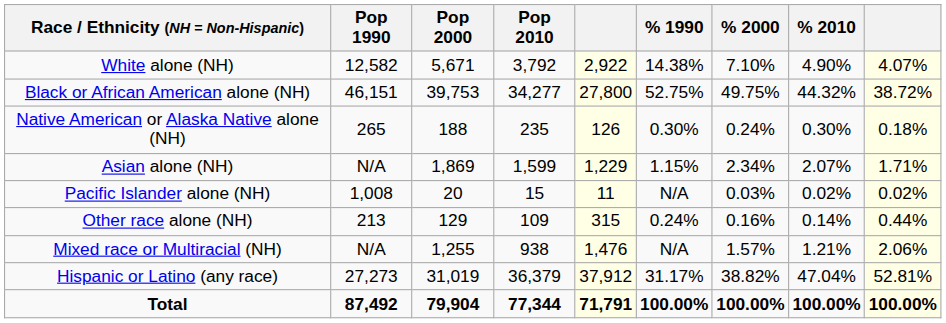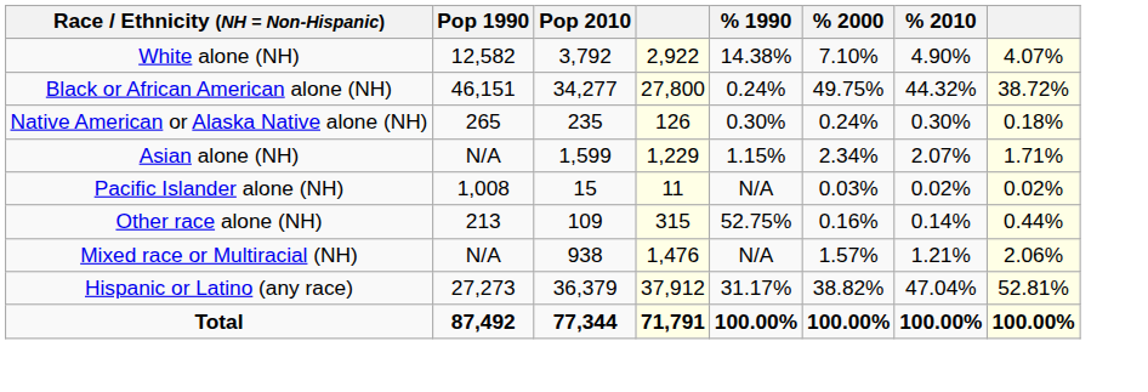 <table class="wikitable" style="text-align:center;">
 <tr>
 <th>Race / Ethnicity <small>(<em>NH = Non-Hispanic</em>)</small></th>
 <th>Pop 1990</th>
-<th>Pop 2000</th>
 <th>Pop 2010</th>
 <th></th>
 <th>% 1990</th>
 <th>% 2000</th>
 <th>% 2010</th>
 <th></th>
 </tr>
 <tr>
 <td><a href='#'>White</a> alone (NH)</td>
 <td>12,582</td>
-<td>5,671</td>
 <td>3,792</td>
 <td style='background: #ffffe6;'>2,922</td>
 <td>14.38%</td>
 <td>7.10%</td>
 <td>4.90%</td>
 <td style='background: #ffffe6;'>4.07%</td>
 </tr>
 <tr>
 <td><a href='#'>Black or African American</a> alone (NH)</td>
 <td>46,151</td>
-<td>39,753</td>
 <td>34,277</td>
 <td style='background: #ffffe6;'>27,800</td>
-<td>52.75%</td>
+<td>0.24%</td>
 <td>49.75%</td>
 <td>44.32%</td>
 <td style='background: #ffffe6;'>38.72%</td>
 </tr>
 <tr>
 <td><a href='#'>Native American</a> or <a href='#'>Alaska Native</a> alone (NH)</td>
 <td>265</td>
-<td>188</td>
 <td>235</td>
 <td style='background: #ffffe6;'>126</td>
 <td>0.30%</td>
 <td>0.24%</td>
 <td>0.30%</td>
 <td style='background: #ffffe6;'>0.18%</td>
 </tr>
 <tr>
 <td><a href='#'>Asian</a> alone (NH)</td>
 <td>N/A</td>
-<td>1,869</td>
 <td>1,599</td>
 <td style='background: #ffffe6;'>1,229</td>
 <td>1.15%</td>
 <td>2.34%</td>
 <td>2.07%</td>
 <td style='background: #ffffe6;'>1.71%</td>
 </tr>
 <tr>
 <td><a href='#'>Pacific Islander</a> alone (NH)</td>
 <td>1,008</td>
-<td>20</td>
 <td>15</td>
 <td style='background: #ffffe6;'>11</td>
 <td>N/A</td>
 <td>0.03%</td>
 <td>0.02%</td>
 <td style='background: #ffffe6;'>0.02%</td>
 </tr>
 <tr>
 <td><a href='#'>Other race</a> alone (NH)</td>
 <td>213</td>
-<td>129</td>
 <td>109</td>
 <td style='background: #ffffe6;'>315</td>
-<td>0.24%</td>
+<td>52.75%</td>
 <td>0.16%</td>
 <td>0.14%</td>
 <td style='background: #ffffe6;'>0.44%</td>
 </tr>
 <tr>
 <td><a href='#'>Mixed race or Multiracial</a> (NH)</td>
 <td>N/A</td>
-<td>1,255</td>
 <td>938</td>
 <td style='background: #ffffe6;'>1,476</td>
 <td>N/A</td>
 <td>1.57%</td>
 <td>1.21%</td>
 <td style='background: #ffffe6;'>2.06%</td>
 </tr>
 <tr>
 <td><a href='#'>Hispanic or Latino</a> (any race)</td>
 <td>27,273</td>
-<td>31,019</td>
 <td>36,379</td>
 <td style='background: #ffffe6;'>37,912</td>
 <td>31.17%</td>
 <td>38.82%</td>
 <td>47.04%</td>
 <td style='background: #ffffe6;'>52.81%</td>
 </tr>
 <tr>
 <td><strong>Total</strong></td>
 <td><strong>87,492</strong></td>
-<td><strong>79,904</strong></td>
 <td><strong>77,344</strong></td>
 <td style='background: #ffffe6;'><strong>71,791</strong></td>
 <td><strong>100.00%</strong></td>
 <td><strong>100.00%</strong></td>
 <td><strong>100.00%</strong></td>
 <td style='background: #ffffe6;'><strong>100.00%</strong></td>
 </tr>
 </table>
